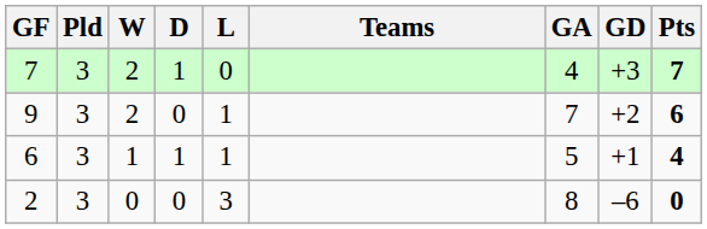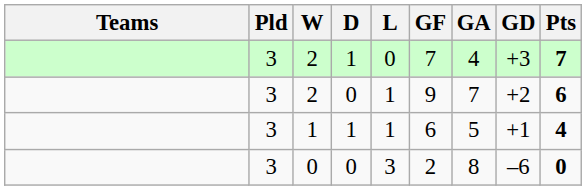 <table class="wikitable" style="text-align: center;">
 <tr>
-<th width=20>GF</th>
+<th width=165>Teams</th>
 <th width=20>Pld</th>
 <th width=20>W</th>
 <th width=20>D</th>
 <th width=20>L</th>
-<th width=165>Teams</th>
+<th width=20>GF</th>
 <th width=20>GA</th>
 <th width=20>GD</th>
 <th width=20>Pts</th>
 </tr>
 <tr align=center style="background:#ccffcc;">
-<td>7</td>
+<td style="text-align:left;"></td>
 <td>3</td>
 <td>2</td>
 <td>1</td>
 <td>0</td>
-<td style="text-align:left;"></td>
+<td>7</td>
 <td>4</td>
 <td>+3</td>
 <td><strong>7</strong></td>
 </tr>
 <tr align=center>
-<td>9</td>
+<td style="text-align:left;"></td>
 <td>3</td>
 <td>2</td>
 <td>0</td>
 <td>1</td>
-<td style="text-align:left;"></td>
+<td>9</td>
 <td>7</td>
 <td>+2</td>
 <td><strong>6</strong></td>
 </tr>
 <tr align=center>
-<td>6</td>
+<td style="text-align:left;"></td>
 <td>3</td>
 <td>1</td>
 <td>1</td>
 <td>1</td>
-<td style="text-align:left;"></td>
+<td>6</td>
 <td>5</td>
 <td>+1</td>
 <td><strong>4</strong></td>
 </tr>
 <tr align=center>
-<td>2</td>
+<td style="text-align:left;"></td>
 <td>3</td>
 <td>0</td>
 <td>0</td>
 <td>3</td>
-<td style="text-align:left;"></td>
+<td>2</td>
 <td>8</td>
 <td>–6</td>
 <td><strong>0</strong></td>
 </tr>
 </table>
